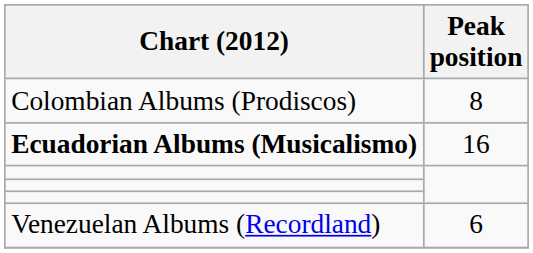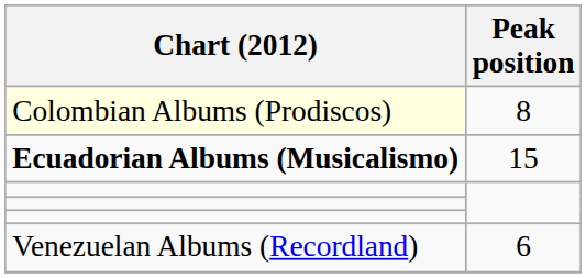 <table class="wikitable sortable">
 <tr>
 <th>Chart (2012)</th>
 <th>Peak<br>position</th>
 </tr>
 <tr>
-<td>Colombian Albums (Prodiscos)</td>
+<td style="background: lightyellow;">Colombian Albums (Prodiscos)</td>
 <td style="text-align:center;">8</td>
 </tr>
 <tr>
 <td><strong>Ecuadorian Albums (Musicalismo)</strong></td>
-<td style="text-align:center;">16</td>
+<td style="text-align:center;">15</td>
 </tr>
 <tr>
 <td></td>
 </tr>
 <tr>
 <td></td>
 </tr>
 <tr>
 <td></td>
 </tr>
 <tr>
 <td>Venezuelan Albums (<a href='#'>Recordland</a>)</td>
 <td style="text-align:center;">6</td>
 </tr>
 <tr>
 </tr>
 </table>
